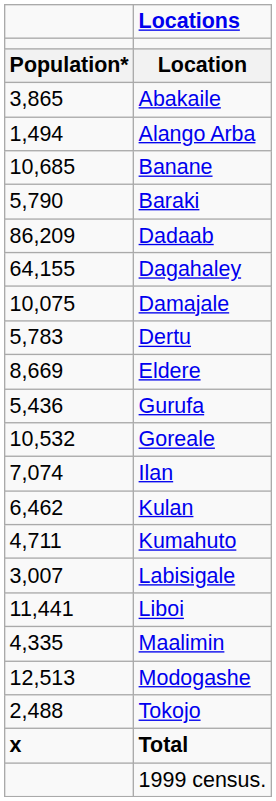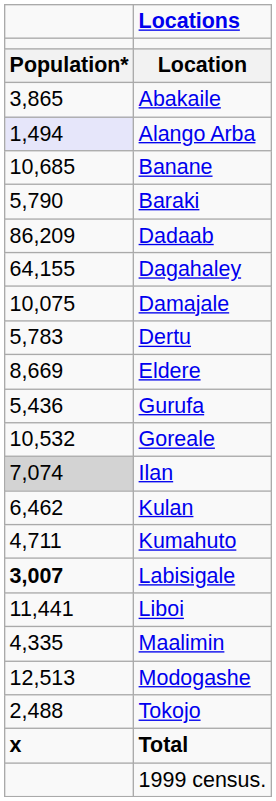 <table class="wikitable">
 <tr>
 <td></td>
 <td><strong><a href='#'>Locations</a></strong></td>
 </tr>
 <tr>
 <td></td>
 <td></td>
 </tr>
 <tr>
 <th>Population*</th>
 <th>Location</th>
 </tr>
 <tr>
 <td>3,865</td>
 <td><a href='#'>Abakaile</a></td>
 </tr>
 <tr>
-<td>1,494</td>
+<td style="background: lavender;">1,494</td>
 <td><a href='#'>Alango Arba</a></td>
 </tr>
 <tr>
 <td>10,685</td>
 <td><a href='#'>Banane</a></td>
 </tr>
 <tr>
 <td>5,790</td>
 <td><a href='#'>Baraki</a></td>
 </tr>
 <tr>
 <td>86,209</td>
 <td><a href='#'>Dadaab</a></td>
 </tr>
 <tr>
 <td>64,155</td>
 <td><a href='#'>Dagahaley</a></td>
 </tr>
 <tr>
 <td>10,075</td>
 <td><a href='#'>Damajale</a></td>
 </tr>
 <tr>
 <td>5,783</td>
 <td><a href='#'>Dertu</a></td>
 </tr>
 <tr>
 <td>8,669</td>
 <td><a href='#'>Eldere</a></td>
 </tr>
 <tr>
 <td>5,436</td>
 <td><a href='#'>Gurufa</a></td>
 </tr>
 <tr>
 <td>10,532</td>
 <td><a href='#'>Goreale</a></td>
 </tr>
 <tr>
-<td>7,074</td>
+<td style="background: lightgrey;">7,074</td>
 <td><a href='#'>Ilan</a></td>
 </tr>
 <tr>
 <td>6,462</td>
 <td><a href='#'>Kulan</a></td>
 </tr>
 <tr>
 <td>4,711</td>
 <td><a href='#'>Kumahuto</a></td>
 </tr>
 <tr>
-<td>3,007</td>
+<td><strong>3,007</strong></td>
 <td><a href='#'>Labisigale</a></td>
 </tr>
 <tr>
 <td>11,441</td>
 <td><a href='#'>Liboi</a></td>
 </tr>
 <tr>
 <td>4,335</td>
 <td><a href='#'>Maalimin</a></td>
 </tr>
 <tr>
 <td>12,513</td>
 <td><a href='#'>Modogashe</a></td>
 </tr>
 <tr>
 <td>2,488</td>
 <td><a href='#'>Tokojo</a></td>
 </tr>
 <tr>
 <td><strong>x</strong></td>
 <td><strong>Total</strong></td>
 </tr>
 <tr>
 <td></td>
 <td>1999 census.</td>
 </tr>
 </table>
